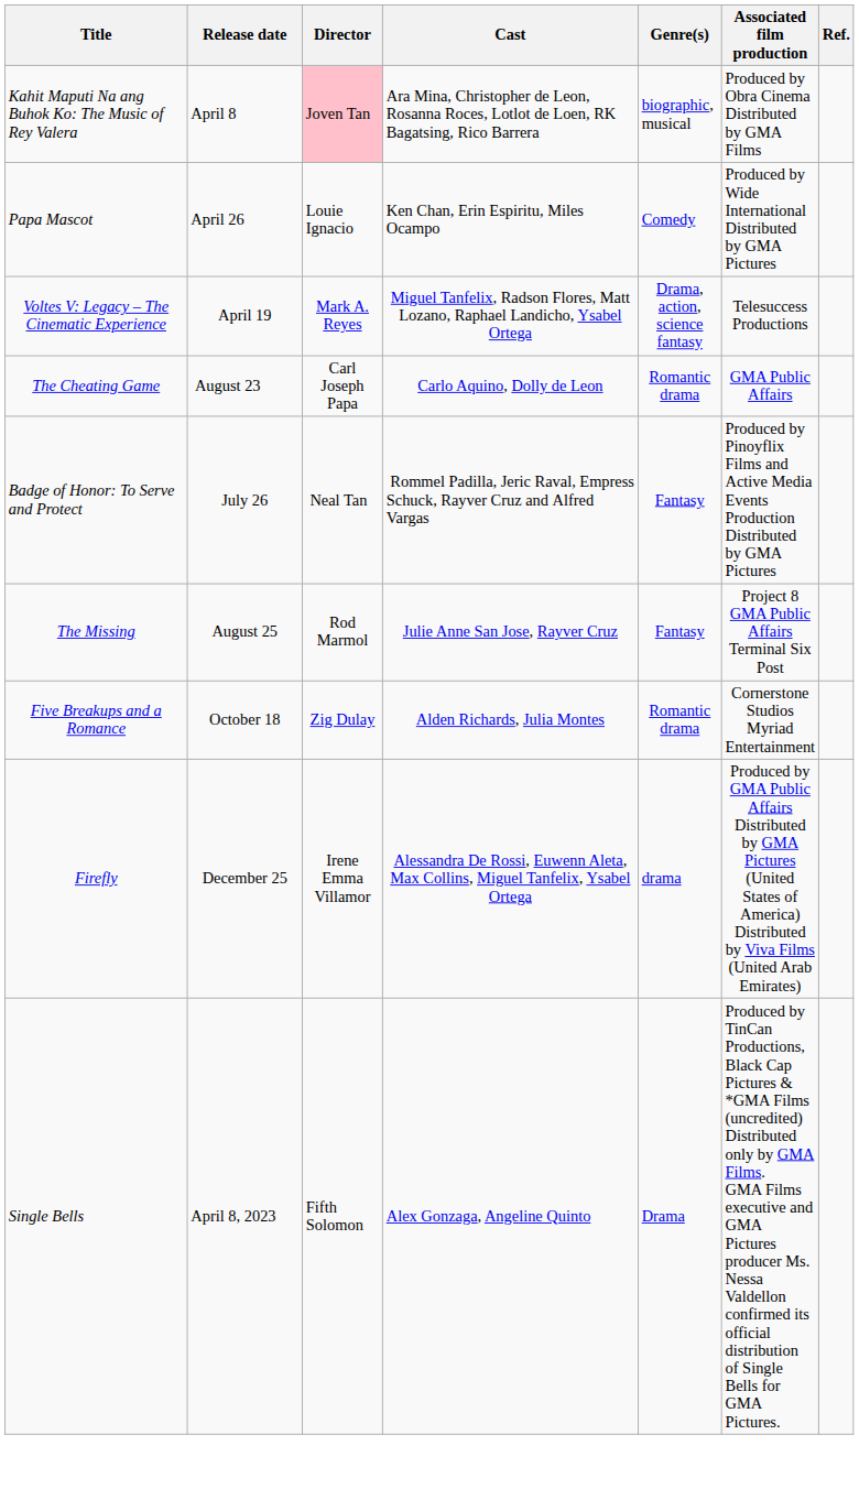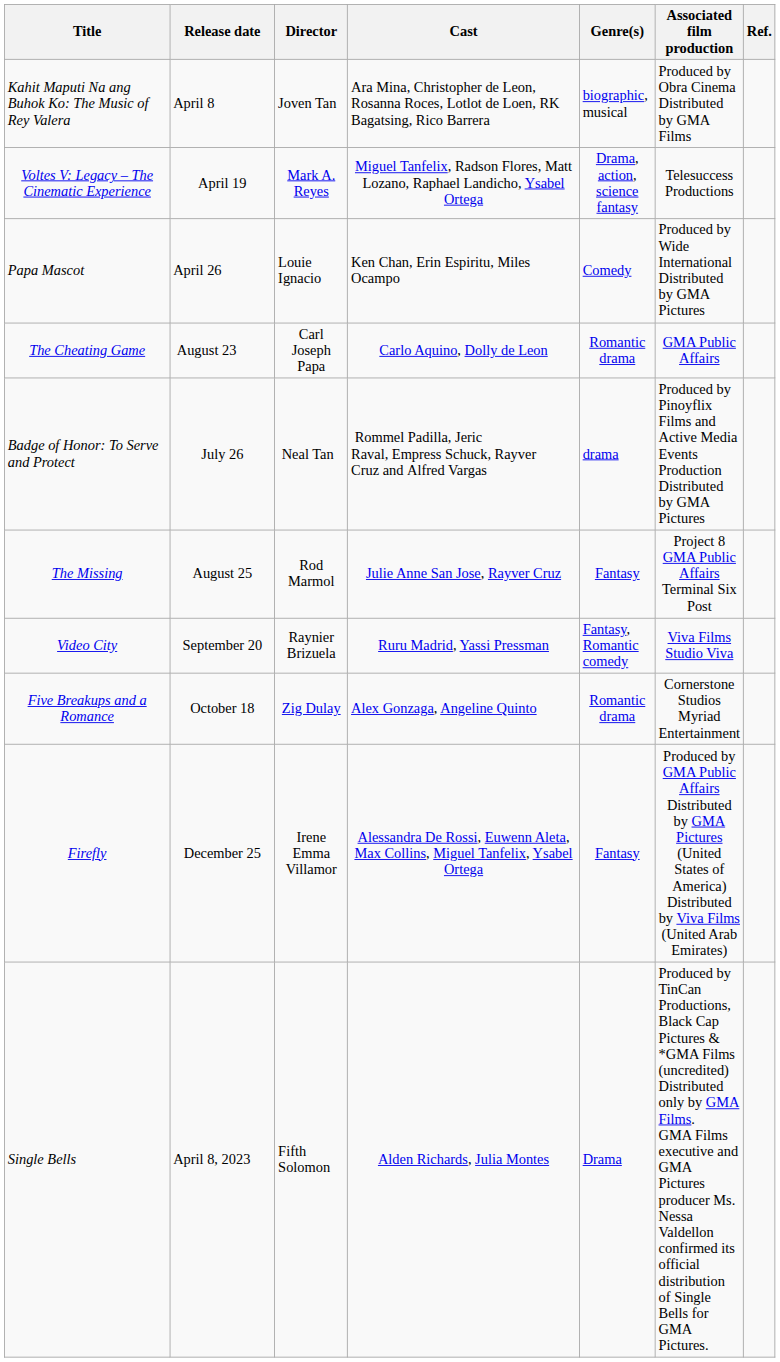 <table class="wikitable" style="width:97%">
 <tr>
 <th style="width:25%;">Title</th>
 <th style="width:15%;">Release date</th>
 <th style="width:10%;">Director</th>
 <th style="width:35%;">Cast </th>
 <th style="width:10%;">Genre(s)</th>
 <th style="width:20%;">Associated film production</th>
 <th style="width:2%;">Ref.</th>
 </tr>
 <tr>
 <td><em>Kahit Maputi Na ang Buhok Ko: The Music of Rey Valera</em></td>
 <td>April 8</td>
-<td style="background: pink;">Joven Tan</td>
+<td>Joven Tan</td>
 <td>Ara Mina, Christopher de Leon, Rosanna Roces, Lotlot de Loen, RK Bagatsing, Rico Barrera</td>
 <td><a href='#'>biographic</a>, musical</td>
 <td>Produced by Obra Cinema<br>Distributed by GMA Films</td>
+<td></td>
+</tr>
+<tr>
+<td style="text-align: center;"><em><a href='#'>Voltes V: Legacy – The Cinematic Experience</a></em></td>
+<td style="text-align: center;">April 19</td>
+<td style="text-align: center;"><a href='#'>Mark A. Reyes</a></td>
+<td style="text-align: center;"><a href='#'>Miguel Tanfelix</a>, Radson Flores, Matt Lozano, Raphael Landicho, <a href='#'>Ysabel Ortega</a></td>
+<td style="text-align: center;"><a href='#'>Drama</a>, <a href='#'>action</a>, <a href='#'>science fantasy</a></td>
+<td style="text-align: center;">Telesuccess Productions</td>
 <td></td>
 </tr>
 <tr>
 <td><em>Papa Mascot</em></td>
 <td>April 26</td>
 <td>Louie Ignacio</td>
 <td>Ken Chan, Erin Espiritu, Miles Ocampo</td>
 <td><a href='#'>Comedy</a></td>
 <td>Produced by Wide International<br>Distributed by GMA Pictures</td>
-<td></td>
-</tr>
-<tr>
-<td style="text-align: center;"><em><a href='#'>Voltes V: Legacy – The Cinematic Experience</a></em></td>
-<td style="text-align: center;">April 19</td>
-<td style="text-align: center;"><a href='#'>Mark A. Reyes</a></td>
-<td style="text-align: center;"><a href='#'>Miguel Tanfelix</a>, Radson Flores, Matt Lozano, Raphael Landicho, <a href='#'>Ysabel Ortega</a></td>
-<td style="text-align: center;"><a href='#'>Drama</a>, <a href='#'>action</a>, <a href='#'>science fantasy</a></td>
-<td style="text-align: center;">Telesuccess Productions</td>
 <td></td>
 </tr>
 <tr>
 <td style="text-align: center;"><em><a href='#'>The Cheating Game</a></em></td>
 <td> August 23</td>
 <td style="text-align: center;">Carl Joseph Papa</td>
 <td style="text-align: center;"><a href='#'>Carlo Aquino</a>, <a href='#'>Dolly de Leon</a></td>
 <td style="text-align: center;"><a href='#'>Romantic drama</a></td>
 <td style="text-align: center;"><a href='#'>GMA Public Affairs</a></td>
 <td style="text-align: center;"></td>
 </tr>
 <tr>
 <td><em>Badge of Honor: To Serve and Protect</em></td>
 <td style="text-align: center;">July 26</td>
 <td> Neal Tan</td>
 <td> Rommel Padilla, Jeric Raval, Empress Schuck, Rayver Cruz and Alfred Vargas</td>
-<td style="text-align: center;"><a href='#'>Fantasy</a></td>
+<td><a href='#'>drama</a></td>
 <td>Produced by Pinoyflix Films and Active Media Events Production<br>Distributed by GMA Pictures </td>
 <td></td>
 </tr>
 <tr>
 <td style="text-align: center;"><em><a href='#'>The Missing</a></em></td>
 <td style="text-align: center;">August 25</td>
 <td style="text-align: center;">Rod Marmol</td>
 <td style="text-align: center;"><a href='#'>Julie Anne San Jose</a>, <a href='#'>Rayver Cruz</a></td>
 <td style="text-align: center;"><a href='#'>Fantasy</a></td>
 <td style="text-align: center;">Project 8<br><a href='#'>GMA Public Affairs</a><br>Terminal Six Post</td>
 <td style="text-align: center;"></td>
 </tr>
 <tr>
+<td style="text-align: center;"><em><a href='#'>Video City</a></em></td>
+<td style="text-align: center;">September 20</td>
+<td style="text-align: center;">Raynier Brizuela</td>
+<td style="text-align: center;"><a href='#'>Ruru Madrid</a>, <a href='#'>Yassi Pressman</a></td>
+<td><a href='#'>Fantasy</a>, <a href='#'>Romantic comedy</a></td>
+<td style="text-align: center;"><a href='#'>Viva Films</a><br><a href='#'>Studio Viva</a></td>
+<td style="text-align: center;"></td>
+</tr>
+<tr>
 <td style="text-align: center;"><em><a href='#'>Five Breakups and a Romance</a></em></td>
 <td style="text-align: center;">October 18</td>
 <td style="text-align: center;"><a href='#'>Zig Dulay</a></td>
-<td style="text-align: center;"><a href='#'>Alden Richards</a>, <a href='#'>Julia Montes</a></td>
+<td><a href='#'>Alex Gonzaga</a>, <a href='#'>Angeline Quinto</a></td>
 <td style="text-align: center;"><a href='#'>Romantic drama</a></td>
 <td style="text-align: center;">Cornerstone Studios<br>Myriad Entertainment</td>
 <td style="text-align: center;"></td>
 </tr>
 <tr>
 <td style="text-align: center;"><em><a href='#'>Firefly</a></em></td>
 <td style="text-align: center;">December 25</td>
 <td style="text-align: center;">Irene Emma Villamor</td>
 <td style="text-align: center;"><a href='#'>Alessandra De Rossi</a>, <a href='#'>Euwenn Aleta</a>, <a href='#'>Max Collins</a>, <a href='#'>Miguel Tanfelix</a>, <a href='#'>Ysabel Ortega</a></td>
-<td><a href='#'>drama</a></td>
+<td style="text-align: center;"><a href='#'>Fantasy</a></td>
 <td style="text-align: center;">Produced by <a href='#'>GMA Public Affairs</a><br>Distributed by <a href='#'>GMA Pictures</a> (United States of America) Distributed by <a href='#'>Viva Films</a> (United Arab Emirates)</td>
 <td style="text-align: center;"></td>
 </tr>
 <tr>
 <td><em>Single Bells</em></td>
 <td>April 8, 2023</td>
 <td>Fifth Solomon</td>
-<td><a href='#'>Alex Gonzaga</a>, <a href='#'>Angeline Quinto</a></td>
+<td style="text-align: center;"><a href='#'>Alden Richards</a>, <a href='#'>Julia Montes</a></td>
 <td><a href='#'>Drama</a></td>
 <td>Produced by TinCan Productions, Black Cap Pictures & *GMA Films (uncredited)<br>Distributed only by <a href='#'>GMA Films</a>.<br>GMA Films executive and GMA Pictures producer Ms. Nessa Valdellon confirmed its official distribution of Single Bells for GMA Pictures.</td>
 <td></td>
 </tr>
 </table>
